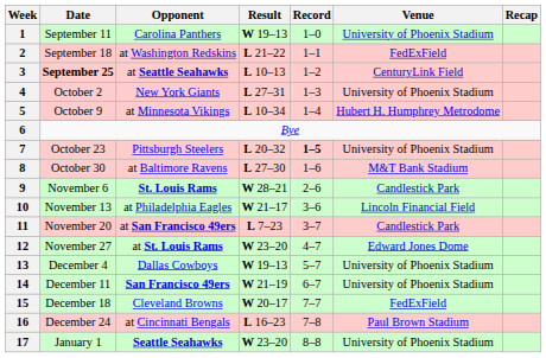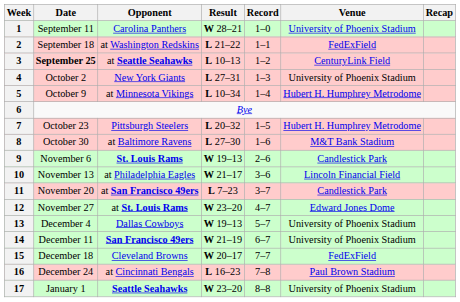 <table class="wikitable" style="text-align:center">
 <tr>
 <th>Week</th>
 <th>Date</th>
 <th>Opponent</th>
 <th>Result</th>
 <th>Record</th>
 <th>Venue</th>
 <th>Recap</th>
 </tr>
 <tr style="background:#cfc; text-align:center;">
 <th>1</th>
 <td>September 11</td>
 <td><a href='#'>Carolina Panthers</a></td>
-<td><strong>W</strong> 19–13 </td>
+<td><strong>W</strong> 28–21</td>
 <td>1–0</td>
 <td><a href='#'>University of Phoenix Stadium</a></td>
 <td></td>
 </tr>
 <tr style="background:#fcc; text-align:center;">
 <th>2</th>
 <td>September 18</td>
 <td>at <a href='#'>Washington Redskins</a></td>
 <td><strong>L</strong> 21–22</td>
 <td>1–1</td>
 <td><a href='#'>FedExField</a></td>
 <td></td>
 </tr>
 <tr style="background:#fcc; text-align:center;">
 <th>3</th>
 <td><strong>September 25</strong></td>
 <td>at <strong><a href='#'>Seattle Seahawks</a></strong></td>
 <td><strong>L</strong> 10–13</td>
 <td>1–2</td>
 <td><a href='#'>CenturyLink Field</a></td>
 <td></td>
 </tr>
 <tr style="background:#fcc; text-align:center;">
 <th>4</th>
 <td>October 2</td>
 <td><a href='#'>New York Giants</a></td>
 <td><strong>L</strong> 27–31</td>
 <td>1–3</td>
 <td>University of Phoenix Stadium</td>
 <td></td>
 </tr>
 <tr style="background:#fcc; text-align:center;">
 <th>5</th>
 <td>October 9</td>
 <td>at <a href='#'>Minnesota Vikings</a></td>
 <td><strong>L</strong> 10–34</td>
 <td>1–4</td>
 <td><a href='#'>Hubert H. Humphrey Metrodome</a></td>
 <td></td>
 </tr>
 <tr>
 <th>6</th>
 <td colspan="8" style="text-align:center;"><em><a href='#'>Bye</a></em></td>
 </tr>
 <tr style="background:#fcc; text-align:center;">
 <th>7</th>
 <td>October 23</td>
 <td><a href='#'>Pittsburgh Steelers</a></td>
 <td><strong>L</strong> 20–32</td>
-<td><strong>1–5</strong></td>
-<td>University of Phoenix Stadium</td>
+<td>1–5</td>
+<td><a href='#'>Hubert H. Humphrey Metrodome</a></td>
 <td></td>
 </tr>
 <tr style="background:#fcc; text-align:center;">
 <th>8</th>
 <td>October 30</td>
 <td>at <a href='#'>Baltimore Ravens</a></td>
 <td><strong>L</strong> 27–30</td>
 <td>1–6</td>
 <td><a href='#'>M&T Bank Stadium</a></td>
 <td></td>
 </tr>
 <tr style="background:#cfc; text-align:center;">
 <th>9</th>
 <td>November 6</td>
 <td><strong><a href='#'>St. Louis Rams</a></strong></td>
-<td><strong>W</strong> 28–21</td>
+<td><strong>W</strong> 19–13 </td>
 <td>2–6</td>
 <td><a href='#'>Candlestick Park</a></td>
 <td></td>
 </tr>
 <tr style="background:#cfc; text-align:center;">
 <th>10</th>
 <td>November 13</td>
 <td>at <a href='#'>Philadelphia Eagles</a></td>
 <td><strong>W</strong> 21–17</td>
 <td>3–6</td>
 <td><a href='#'>Lincoln Financial Field</a></td>
 <td></td>
 </tr>
 <tr style="background:#fcc; text-align:center;">
 <th>11</th>
 <td>November 20</td>
 <td>at <strong><a href='#'>San Francisco 49ers</a></strong></td>
 <td><strong>L</strong> 7–23</td>
 <td>3–7</td>
 <td><a href='#'>Candlestick Park</a></td>
 <td></td>
 </tr>
 <tr style="background:#cfc; text-align:center;">
 <th>12</th>
 <td>November 27</td>
 <td>at <strong><a href='#'>St. Louis Rams</a></strong></td>
 <td><strong>W</strong> 23–20</td>
 <td>4–7</td>
 <td><a href='#'>Edward Jones Dome</a></td>
 <td></td>
 </tr>
 <tr style="background:#cfc; text-align:center;">
 <th>13</th>
 <td>December 4</td>
 <td><a href='#'>Dallas Cowboys</a></td>
 <td><strong>W</strong> 19–13 </td>
 <td>5–7</td>
 <td>University of Phoenix Stadium</td>
 <td></td>
 </tr>
 <tr style="background:#cfc; text-align:center;">
 <th>14</th>
 <td>December 11</td>
 <td><strong><a href='#'>San Francisco 49ers</a></strong></td>
 <td><strong>W</strong> 21–19</td>
 <td>6–7</td>
 <td>University of Phoenix Stadium</td>
 <td></td>
 </tr>
 <tr style="background:#cfc; text-align:center;">
 <th>15</th>
 <td>December 18</td>
 <td><a href='#'>Cleveland Browns</a></td>
 <td><strong>W</strong> 20–17 </td>
 <td>7–7</td>
 <td><a href='#'>FedExField</a></td>
 <td></td>
 </tr>
 <tr style="background:#fcc; text-align:center;">
 <th>16</th>
 <td>December 24</td>
 <td>at <a href='#'>Cincinnati Bengals</a></td>
 <td><strong>L</strong> 16–23</td>
 <td>7–8</td>
 <td><a href='#'>Paul Brown Stadium</a></td>
 <td></td>
 </tr>
 <tr style="background:#cfc; text-align:center;">
 <th>17</th>
 <td>January 1</td>
 <td><strong><a href='#'>Seattle Seahawks</a></strong></td>
 <td><strong>W</strong> 23–20 </td>
 <td>8–8</td>
 <td>University of Phoenix Stadium</td>
 <td></td>
 </tr>
 </table>
